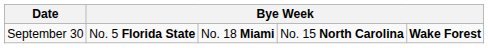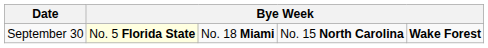 <table class="wikitable" style="font-size:95%;">
 <tr>
 <th>Date</th>
 <th colspan="4">Bye Week</th>
 </tr>
 <tr>
 <td>September 30</td>
-<td>No. 5 <strong>Florida State</strong></td>
+<td style="background: lightyellow;">No. 5 <strong>Florida State</strong></td>
 <td>No. 18 <strong>Miami</strong></td>
 <td>No. 15 <strong>North Carolina</strong></td>
 <td><strong>Wake Forest</strong></td>
 </tr>
 </table>
